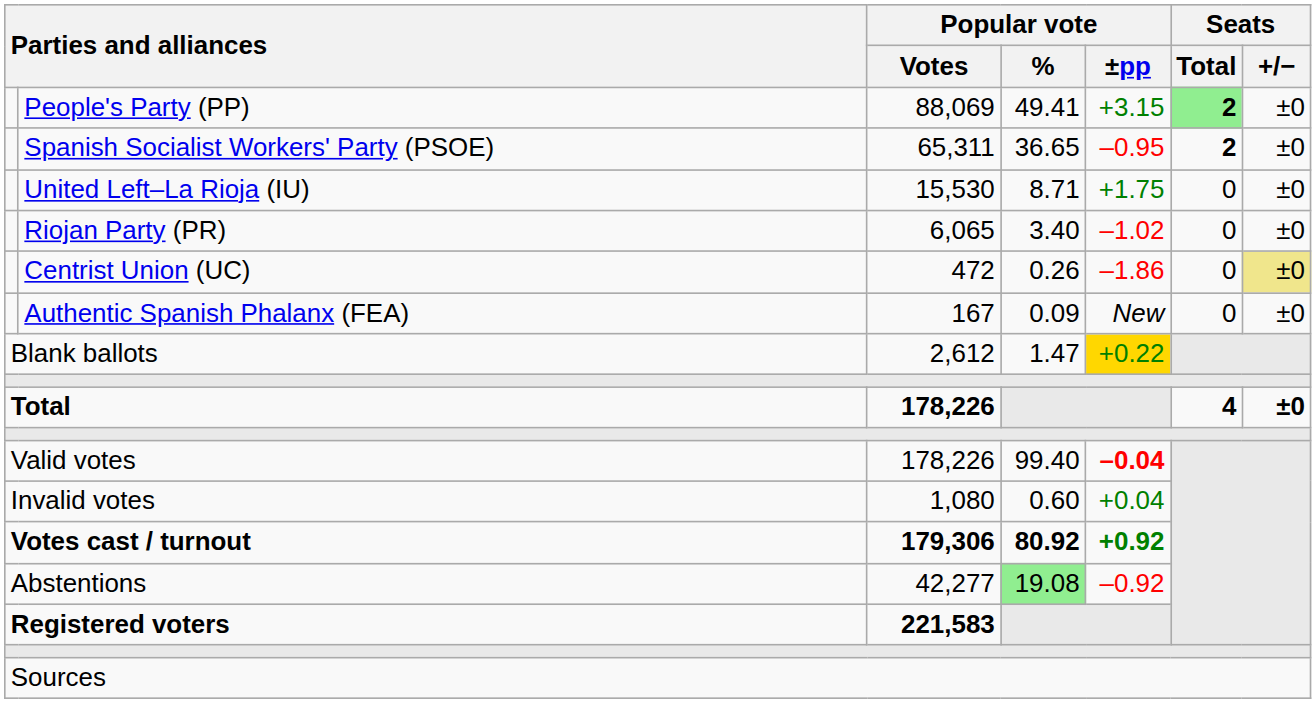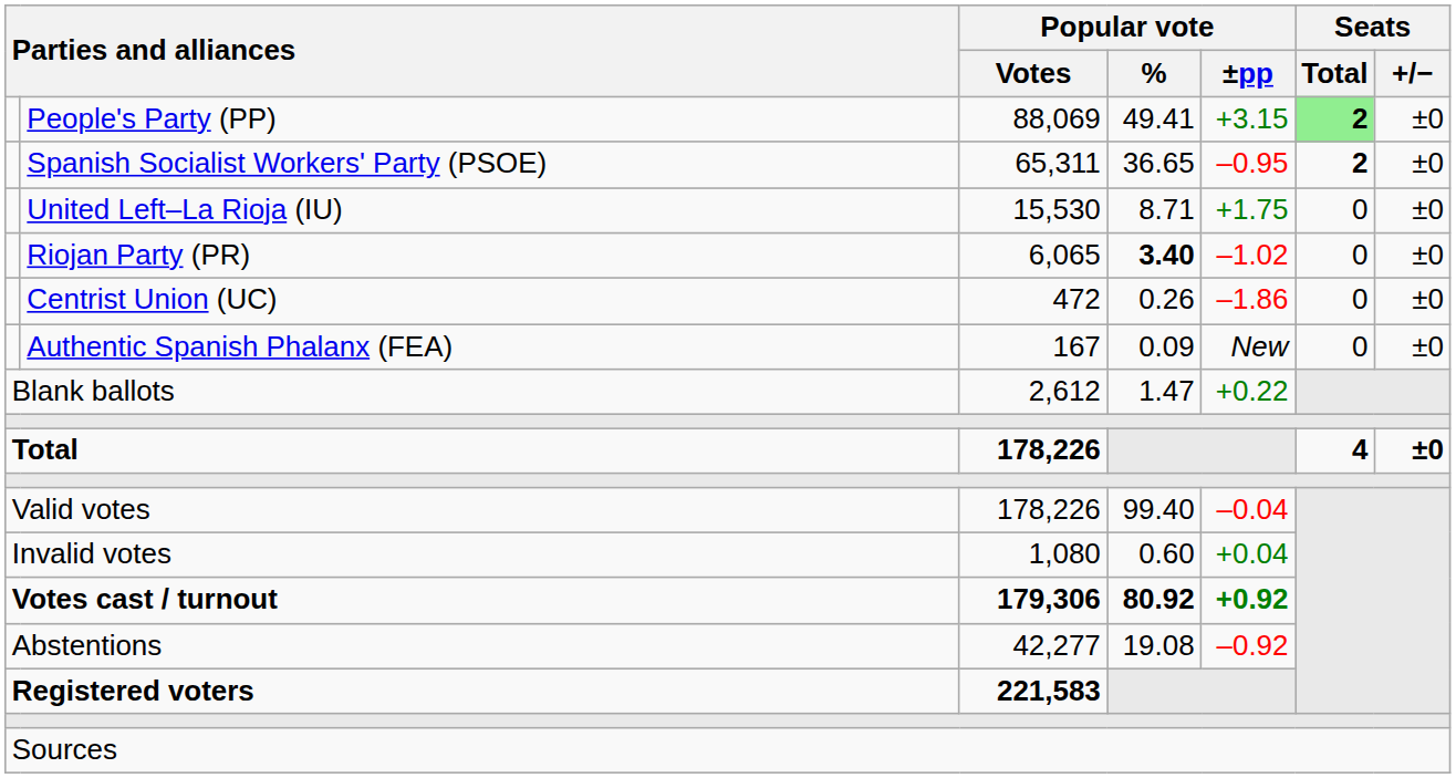 <table class="wikitable" style="text-align:right;">
 <tr>
 <th style="text-align:left;" rowspan="2" colspan="2" width="525">Parties and alliances</th>
 <th colspan="3">Popular vote</th>
 <th colspan="2">Seats</th>
 </tr>
 <tr>
 <th width="75">Votes</th>
 <th width="45">%</th>
 <th width="45">±<a href='#'>pp</a></th>
 <th width="35">Total</th>
 <th width="35">+/−</th>
 </tr>
 <tr>
 <td width="1" style="color:inherit;background:"></td>
 <td align="left"><a href='#'>People's Party</a> (PP)</td>
 <td>88,069</td>
 <td>49.41</td>
 <td style="color:green;">+3.15</td>
 <td style="background: lightgreen;"><strong>2</strong></td>
 <td>±0</td>
 </tr>
 <tr>
 <td style="color:inherit;background:"></td>
 <td align="left"><a href='#'>Spanish Socialist Workers' Party</a> (PSOE)</td>
 <td>65,311</td>
 <td>36.65</td>
 <td style="color:red;">–0.95</td>
 <td><strong>2</strong></td>
 <td>±0</td>
 </tr>
 <tr>
 <td style="color:inherit;background:"></td>
 <td align="left"><a href='#'>United Left–La Rioja</a> (IU)</td>
 <td>15,530</td>
 <td>8.71</td>
 <td style="color:green;">+1.75</td>
 <td>0</td>
 <td>±0</td>
 </tr>
 <tr>
 <td style="color:inherit;background:"></td>
 <td align="left"><a href='#'>Riojan Party</a> (PR)</td>
 <td>6,065</td>
-<td>3.40</td>
+<td><strong>3.40</strong></td>
 <td style="color:red;">–1.02</td>
 <td>0</td>
 <td>±0</td>
 </tr>
 <tr>
 <td style="color:inherit;background:"></td>
 <td align="left"><a href='#'>Centrist Union</a> (UC)</td>
 <td>472</td>
 <td>0.26</td>
 <td style="color:red;">–1.86</td>
 <td>0</td>
-<td style="background: khaki;">±0</td>
+<td>±0</td>
 </tr>
 <tr>
 <td style="color:inherit;background:"></td>
 <td align="left"><a href='#'>Authentic Spanish Phalanx</a> (FEA)</td>
 <td>167</td>
 <td>0.09</td>
 <td><em>New</em></td>
 <td>0</td>
 <td>±0</td>
 </tr>
 <tr>
 <td align="left" colspan="2">Blank ballots</td>
 <td>2,612</td>
 <td>1.47</td>
-<td style="background: gold; color:green;">+0.22</td>
+<td style="color:green;">+0.22</td>
 <td bgcolor="#E9E9E9" colspan="2"></td>
 </tr>
 <tr>
 <td colspan="7" bgcolor="#E9E9E9"></td>
 </tr>
 <tr style="font-weight:bold;">
 <td align="left" colspan="2">Total</td>
 <td>178,226</td>
 <td bgcolor="#E9E9E9" colspan="2"></td>
 <td>4</td>
 <td>±0</td>
 </tr>
 <tr>
 <td colspan="7" bgcolor="#E9E9E9"></td>
 </tr>
 <tr>
 <td align="left" colspan="2">Valid votes</td>
 <td>178,226</td>
 <td>99.40</td>
-<td style="color:red;"><strong>–0.04</strong></td>
+<td style="color:red;">–0.04</td>
 <td bgcolor="#E9E9E9" colspan="2" rowspan="5"></td>
 </tr>
 <tr>
 <td align="left" colspan="2">Invalid votes</td>
 <td>1,080</td>
 <td>0.60</td>
 <td style="color:green;">+0.04</td>
 </tr>
 <tr style="font-weight:bold;">
 <td align="left" colspan="2">Votes cast / turnout</td>
 <td>179,306</td>
 <td>80.92</td>
 <td style="color:green;">+0.92</td>
 </tr>
 <tr>
 <td align="left" colspan="2">Abstentions</td>
 <td>42,277</td>
-<td style="background: lightgreen;">19.08</td>
+<td>19.08</td>
 <td style="color:red;">–0.92</td>
 </tr>
 <tr style="font-weight:bold;">
 <td align="left" colspan="2">Registered voters</td>
 <td>221,583</td>
 <td bgcolor="#E9E9E9" colspan="2"></td>
 </tr>
 <tr>
 <td colspan="7" bgcolor="#E9E9E9"></td>
 </tr>
 <tr>
 <td align="left" colspan="7">Sources</td>
 </tr>
 </table>
